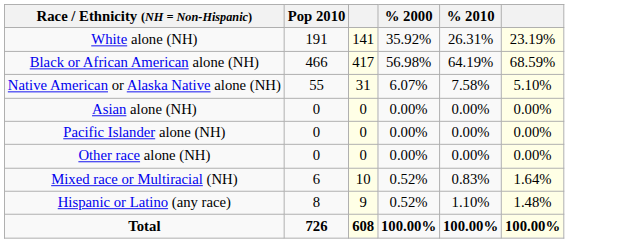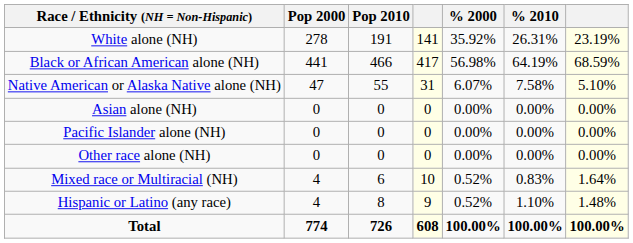 <table class="wikitable" style="text-align:center;">
 <tr>
 <th>Race / Ethnicity <small>(<em>NH = Non-Hispanic</em>)</small></th>
+<th>Pop 2000</th>
 <th>Pop 2010</th>
 <th></th>
 <th>% 2000</th>
 <th>% 2010</th>
 <th></th>
 </tr>
 <tr>
 <td><a href='#'>White</a> alone (NH)</td>
+<td>278</td>
 <td>191</td>
 <td style='background: #ffffe6;'>141</td>
 <td>35.92%</td>
 <td>26.31%</td>
 <td style='background: #ffffe6;'>23.19%</td>
 </tr>
 <tr>
 <td><a href='#'>Black or African American</a> alone (NH)</td>
+<td>441</td>
 <td>466</td>
 <td style='background: #ffffe6;'>417</td>
 <td>56.98%</td>
 <td>64.19%</td>
 <td style='background: #ffffe6;'>68.59%</td>
 </tr>
 <tr>
 <td><a href='#'>Native American</a> or <a href='#'>Alaska Native</a> alone (NH)</td>
+<td>47</td>
 <td>55</td>
 <td style='background: #ffffe6;'>31</td>
 <td>6.07%</td>
 <td>7.58%</td>
 <td style='background: #ffffe6;'>5.10%</td>
 </tr>
 <tr>
 <td><a href='#'>Asian</a> alone (NH)</td>
 <td>0</td>
+<td>0</td>
 <td style='background: #ffffe6;'>0</td>
 <td>0.00%</td>
 <td>0.00%</td>
 <td style='background: #ffffe6;'>0.00%</td>
 </tr>
 <tr>
 <td><a href='#'>Pacific Islander</a> alone (NH)</td>
+<td>0</td>
 <td>0</td>
 <td style='background: #ffffe6;'>0</td>
 <td>0.00%</td>
 <td>0.00%</td>
 <td style='background: #ffffe6;'>0.00%</td>
 </tr>
 <tr>
 <td><a href='#'>Other race</a> alone (NH)</td>
 <td>0</td>
+<td>0</td>
 <td style='background: #ffffe6;'>0</td>
 <td>0.00%</td>
 <td>0.00%</td>
 <td style='background: #ffffe6;'>0.00%</td>
 </tr>
 <tr>
 <td><a href='#'>Mixed race or Multiracial</a> (NH)</td>
+<td>4</td>
 <td>6</td>
 <td style='background: #ffffe6;'>10</td>
 <td>0.52%</td>
 <td>0.83%</td>
 <td style='background: #ffffe6;'>1.64%</td>
 </tr>
 <tr>
 <td><a href='#'>Hispanic or Latino</a> (any race)</td>
+<td>4</td>
 <td>8</td>
 <td style='background: #ffffe6;'>9</td>
 <td>0.52%</td>
 <td>1.10%</td>
 <td style='background: #ffffe6;'>1.48%</td>
 </tr>
 <tr>
 <td><strong>Total</strong></td>
+<td><strong>774</strong></td>
 <td><strong>726</strong></td>
 <td style='background: #ffffe6;'><strong>608</strong></td>
 <td><strong>100.00%</strong></td>
 <td><strong>100.00%</strong></td>
 <td style='background: #ffffe6;'><strong>100.00%</strong></td>
 </tr>
 </table>
